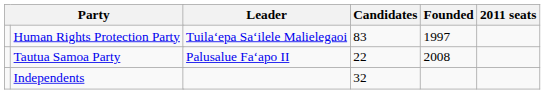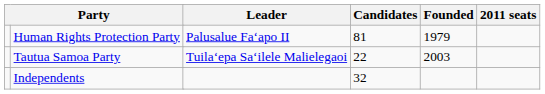 <table class=wikitable>
 <tr>
 <th colspan=3>Party</th>
 <th>Leader</th>
 <th>Candidates</th>
 <th>Founded</th>
 <th>2011 seats</th>
 </tr>
 <tr>
 <td style="background:"></td>
 <td colspan="2"><a href='#'>Human Rights Protection Party</a></td>
-<td><a href='#'>Tuilaʻepa Saʻilele Malielegaoi</a></td>
-<td>83</td>
-<td>1997</td>
+<td><a href='#'>Palusalue Faʻapo II</a></td>
+<td>81</td>
+<td>1979</td>
 <td></td>
 </tr>
 <tr>
 <td style="background:"></td>
 <td colspan="2"><a href='#'>Tautua Samoa Party</a></td>
-<td><a href='#'>Palusalue Faʻapo II</a></td>
+<td><a href='#'>Tuilaʻepa Saʻilele Malielegaoi</a></td>
 <td>22</td>
-<td>2008</td>
+<td>2003</td>
 <td></td>
 </tr>
 <tr>
 <td style="background:"></td>
 <td colspan="2"><a href='#'>Independents</a></td>
 <td></td>
 <td>32</td>
 <td></td>
 <td></td>
 </tr>
 </table>
